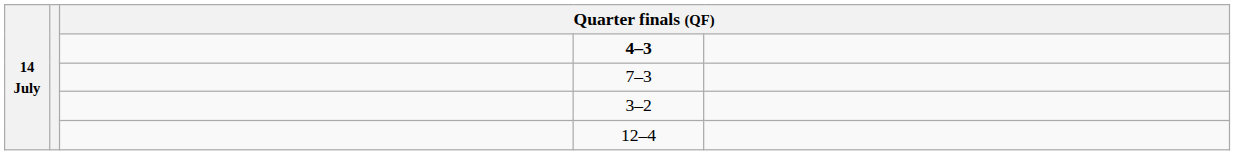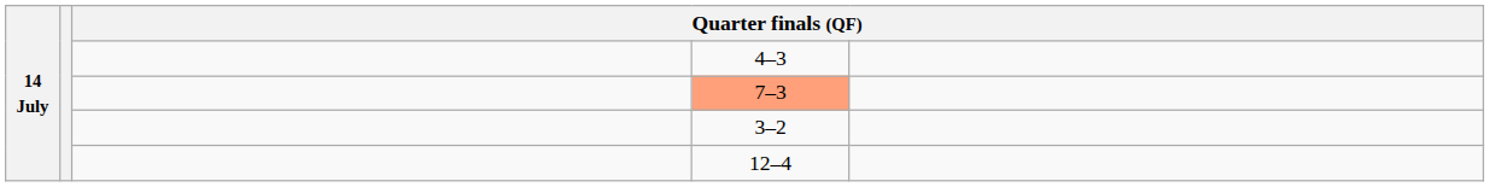 <table class="wikitable" style="font-size: 90%;">
 <tr>
 <th rowspan="5" width=30><small>14<br>July</small></th>
 <th rowspan="5" width=1></th>
 <th colspan="3">Quarter finals <small>(QF)</small></th>
 </tr>
 <tr>
 <td align="right" width=415></td>
-<td align="center" width=100><strong>4–3</strong></td>
+<td align="center" width=100>4–3</td>
 <td width=424></td>
 </tr>
 <tr>
 <td align="right"></td>
-<td align="center">7–3</td>
+<td align="center" style="background: lightsalmon;">7–3</td>
 <td></td>
 </tr>
 <tr>
 <td align="right"></td>
 <td align="center">3–2</td>
 <td></td>
 </tr>
 <tr>
 <td align="right"></td>
 <td align="center">12–4</td>
 <td></td>
 </tr>
 </table>
